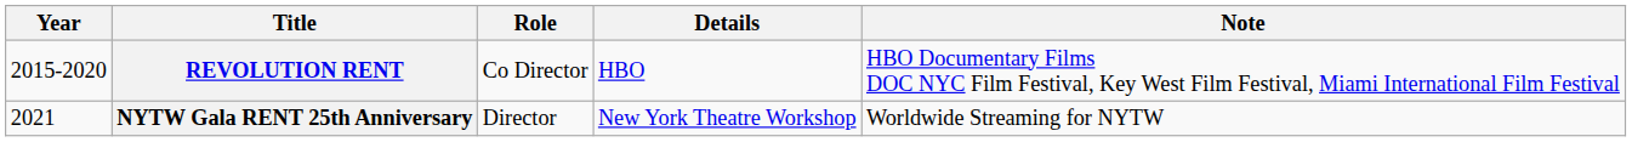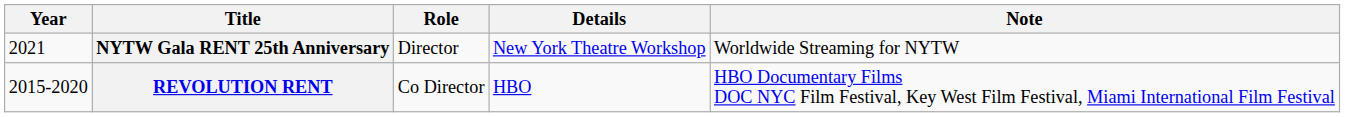 <table class="wikitable">
 <tr>
 <th>Year</th>
 <th>Title</th>
 <th>Role</th>
 <th>Details</th>
 <th>Note</th>
 </tr>
 <tr>
+<td>2021</td>
+<th>NYTW Gala RENT 25th Anniversary</th>
+<td>Director</td>
+<td><a href='#'>New York Theatre Workshop</a></td>
+<td>Worldwide Streaming for NYTW</td>
+</tr>
+<tr>
 <td>2015-2020</td>
 <th><a href='#'>REVOLUTION RENT</a></th>
 <td>Co Director</td>
 <td><a href='#'>HBO</a></td>
 <td><a href='#'>HBO Documentary Films</a><br><a href='#'>DOC NYC</a> Film Festival,  Key West Film Festival,  <a href='#'>Miami International Film Festival</a></td>
 </tr>
-<tr>
-<td>2021</td>
-<th>NYTW Gala RENT 25th Anniversary</th>
-<td>Director</td>
-<td><a href='#'>New York Theatre Workshop</a></td>
-<td>Worldwide Streaming for NYTW</td>
-</tr>
 </table>
